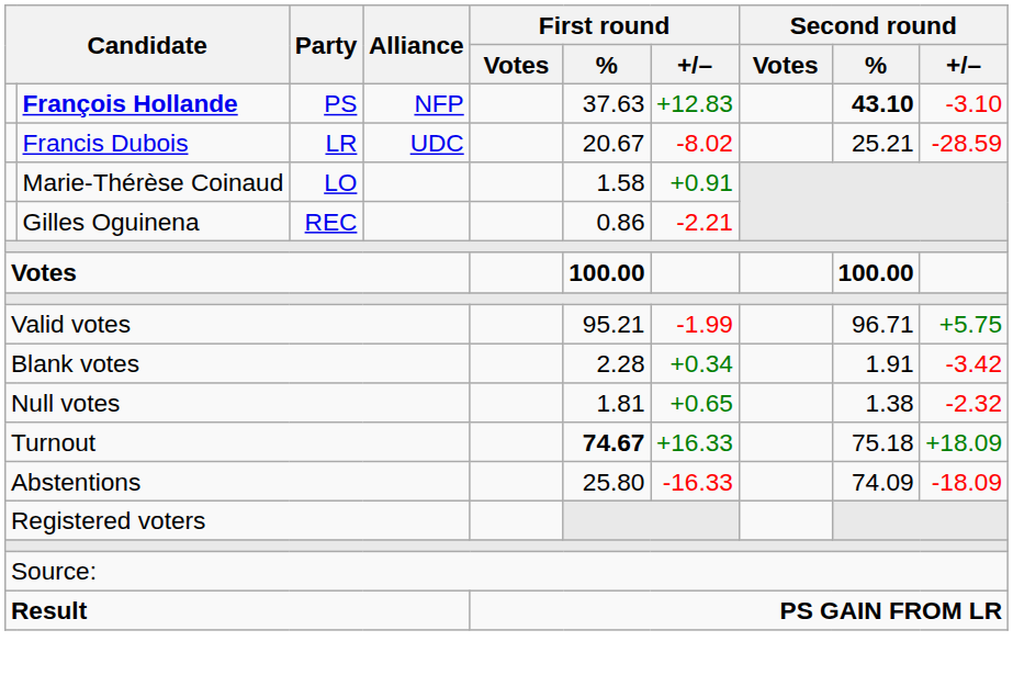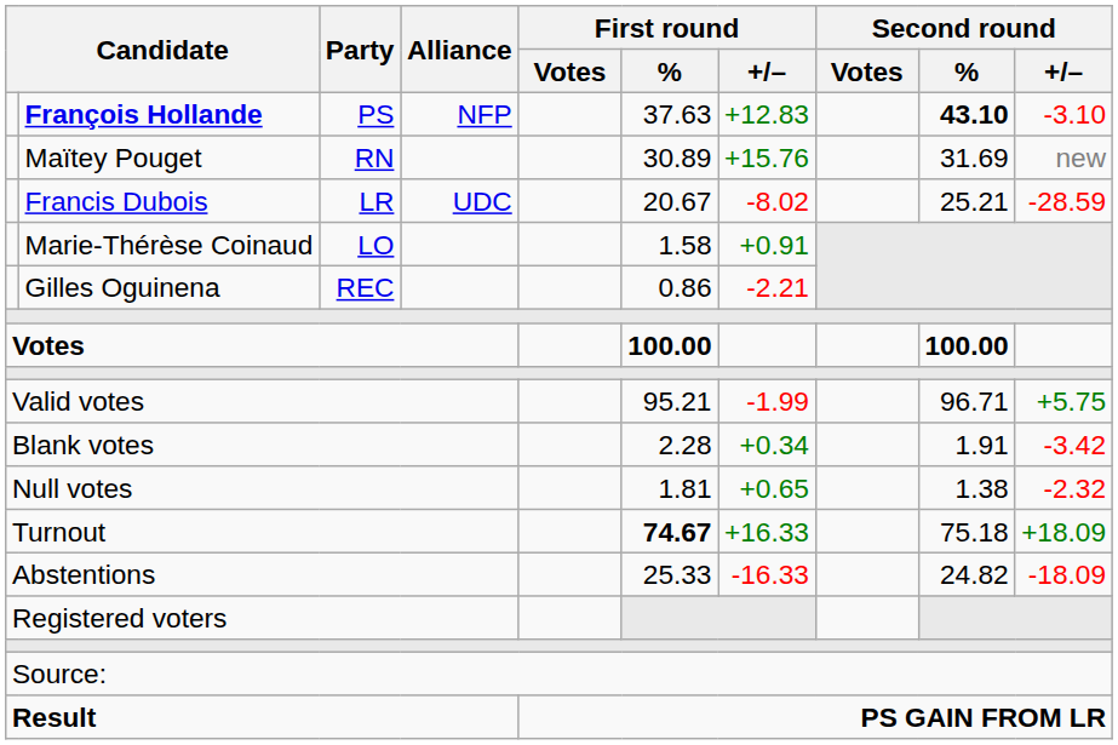 <table class="wikitable" style="text-align:right;font-size:95%;">
 <tr>
 <th rowspan="2" colspan="2">Candidate</th>
 <th colspan="1" rowspan="2">Party</th>
 <th colspan="1" rowspan="2">Alliance</th>
 <th colspan="3">First round</th>
 <th colspan="3">Second round</th>
 </tr>
 <tr>
 <th style="width:50px;">Votes</th>
 <th style="width:45px;">%</th>
 <th style="width:45px;">+/–</th>
 <th style="width:50px;">Votes</th>
 <th style="width:45px;">%</th>
 <th style="width:45px;">+/–</th>
 </tr>
 <tr>
 <td style="color:inherit;background:"></td>
 <td style="text-align:left;"><strong><a href='#'>François Hollande</a></strong></td>
 <td><a href='#'>PS</a></td>
 <td><a href='#'>NFP</a></td>
 <td></td>
 <td>37.63</td>
 <td style="color:green;">+12.83</td>
 <td><strong></strong></td>
 <td><strong>43.10</strong></td>
 <td style="color:red;">-3.10</td>
+</tr>
+<tr>
+<td style="color:inherit;background:"></td>
+<td style="text-align:left;">Maïtey Pouget</td>
+<td><a href='#'>RN</a></td>
+<td></td>
+<td></td>
+<td>30.89</td>
+<td style="color:green;">+15.76</td>
+<td></td>
+<td>31.69</td>
+<td style="color:grey;">new</td>
 </tr>
 <tr>
 <td style="color:inherit;background:"></td>
 <td style="text-align:left;"><a href='#'>Francis Dubois</a></td>
 <td><a href='#'>LR</a></td>
 <td><a href='#'>UDC</a></td>
 <td></td>
 <td>20.67</td>
 <td style="color:red;">-8.02</td>
 <td></td>
 <td>25.21</td>
 <td style="color:red;">-28.59</td>
 </tr>
 <tr>
 <td style="color:inherit;background:"></td>
 <td style="text-align:left;">Marie-Thérèse Coinaud</td>
 <td><a href='#'>LO</a></td>
 <td></td>
 <td></td>
 <td>1.58</td>
 <td style="color:green;">+0.91</td>
 <td colspan="3" rowspan="2" style="background:#E9E9E9;"></td>
 </tr>
 <tr>
 <td style="color:inherit;background:"></td>
 <td style="text-align:left;">Gilles Oguinena</td>
 <td><a href='#'>REC</a></td>
 <td></td>
 <td></td>
 <td>0.86</td>
 <td style="color:red;">-2.21</td>
 </tr>
 <tr>
 <td colspan="10" style="background:#E9E9E9;"></td>
 </tr>
 <tr style="font-weight:bold;">
 <td colspan="4" style="text-align:left;">Votes</td>
 <td></td>
 <td>100.00</td>
 <td></td>
 <td></td>
 <td>100.00</td>
 <td></td>
 </tr>
 <tr>
 <td colspan="10" style="background:#E9E9E9;"></td>
 </tr>
 <tr>
 <td colspan="4" style="text-align:left;">Valid votes</td>
 <td></td>
 <td>95.21</td>
 <td style="color:red;">-1.99</td>
 <td></td>
 <td>96.71</td>
 <td style="color:green;">+5.75</td>
 </tr>
 <tr>
 <td colspan="4" style="text-align:left;">Blank votes</td>
 <td></td>
 <td>2.28</td>
 <td style="color:green;">+0.34</td>
 <td></td>
 <td>1.91</td>
 <td style="color:red;">-3.42</td>
 </tr>
 <tr>
 <td colspan="4" style="text-align:left;">Null votes</td>
 <td></td>
 <td>1.81</td>
 <td style="color:green;">+0.65</td>
 <td></td>
 <td>1.38</td>
 <td style="color:red;">-2.32</td>
 </tr>
 <tr>
 <td colspan="4" style="text-align:left;">Turnout</td>
 <td></td>
 <td><strong>74.67</strong></td>
 <td style="color:green;">+16.33</td>
 <td></td>
 <td>75.18</td>
 <td style="color:green;">+18.09</td>
 </tr>
 <tr>
 <td colspan="4" style="text-align:left;">Abstentions</td>
 <td></td>
-<td>25.80</td>
+<td>25.33</td>
 <td style="color:red;">-16.33</td>
 <td></td>
-<td>74.09</td>
+<td>24.82</td>
 <td style="color:red;">-18.09</td>
 </tr>
 <tr>
 <td colspan="4" style="text-align:left;">Registered voters</td>
 <td></td>
 <td colspan="2" style="background:#E9E9E9;"></td>
 <td></td>
 <td colspan="2" style="background:#E9E9E9;"></td>
 </tr>
 <tr>
 <td colspan="10" style="background:#E9E9E9;"></td>
 </tr>
 <tr>
 <td colspan="10" style="text-align:left;">Source: </td>
 </tr>
 <tr style="font-weight:bold">
 <td colspan="4" style="text-align:left;">Result</td>
 <td colspan="6" style="background-color:">PS GAIN FROM LR</td>
 </tr>
 </table>
